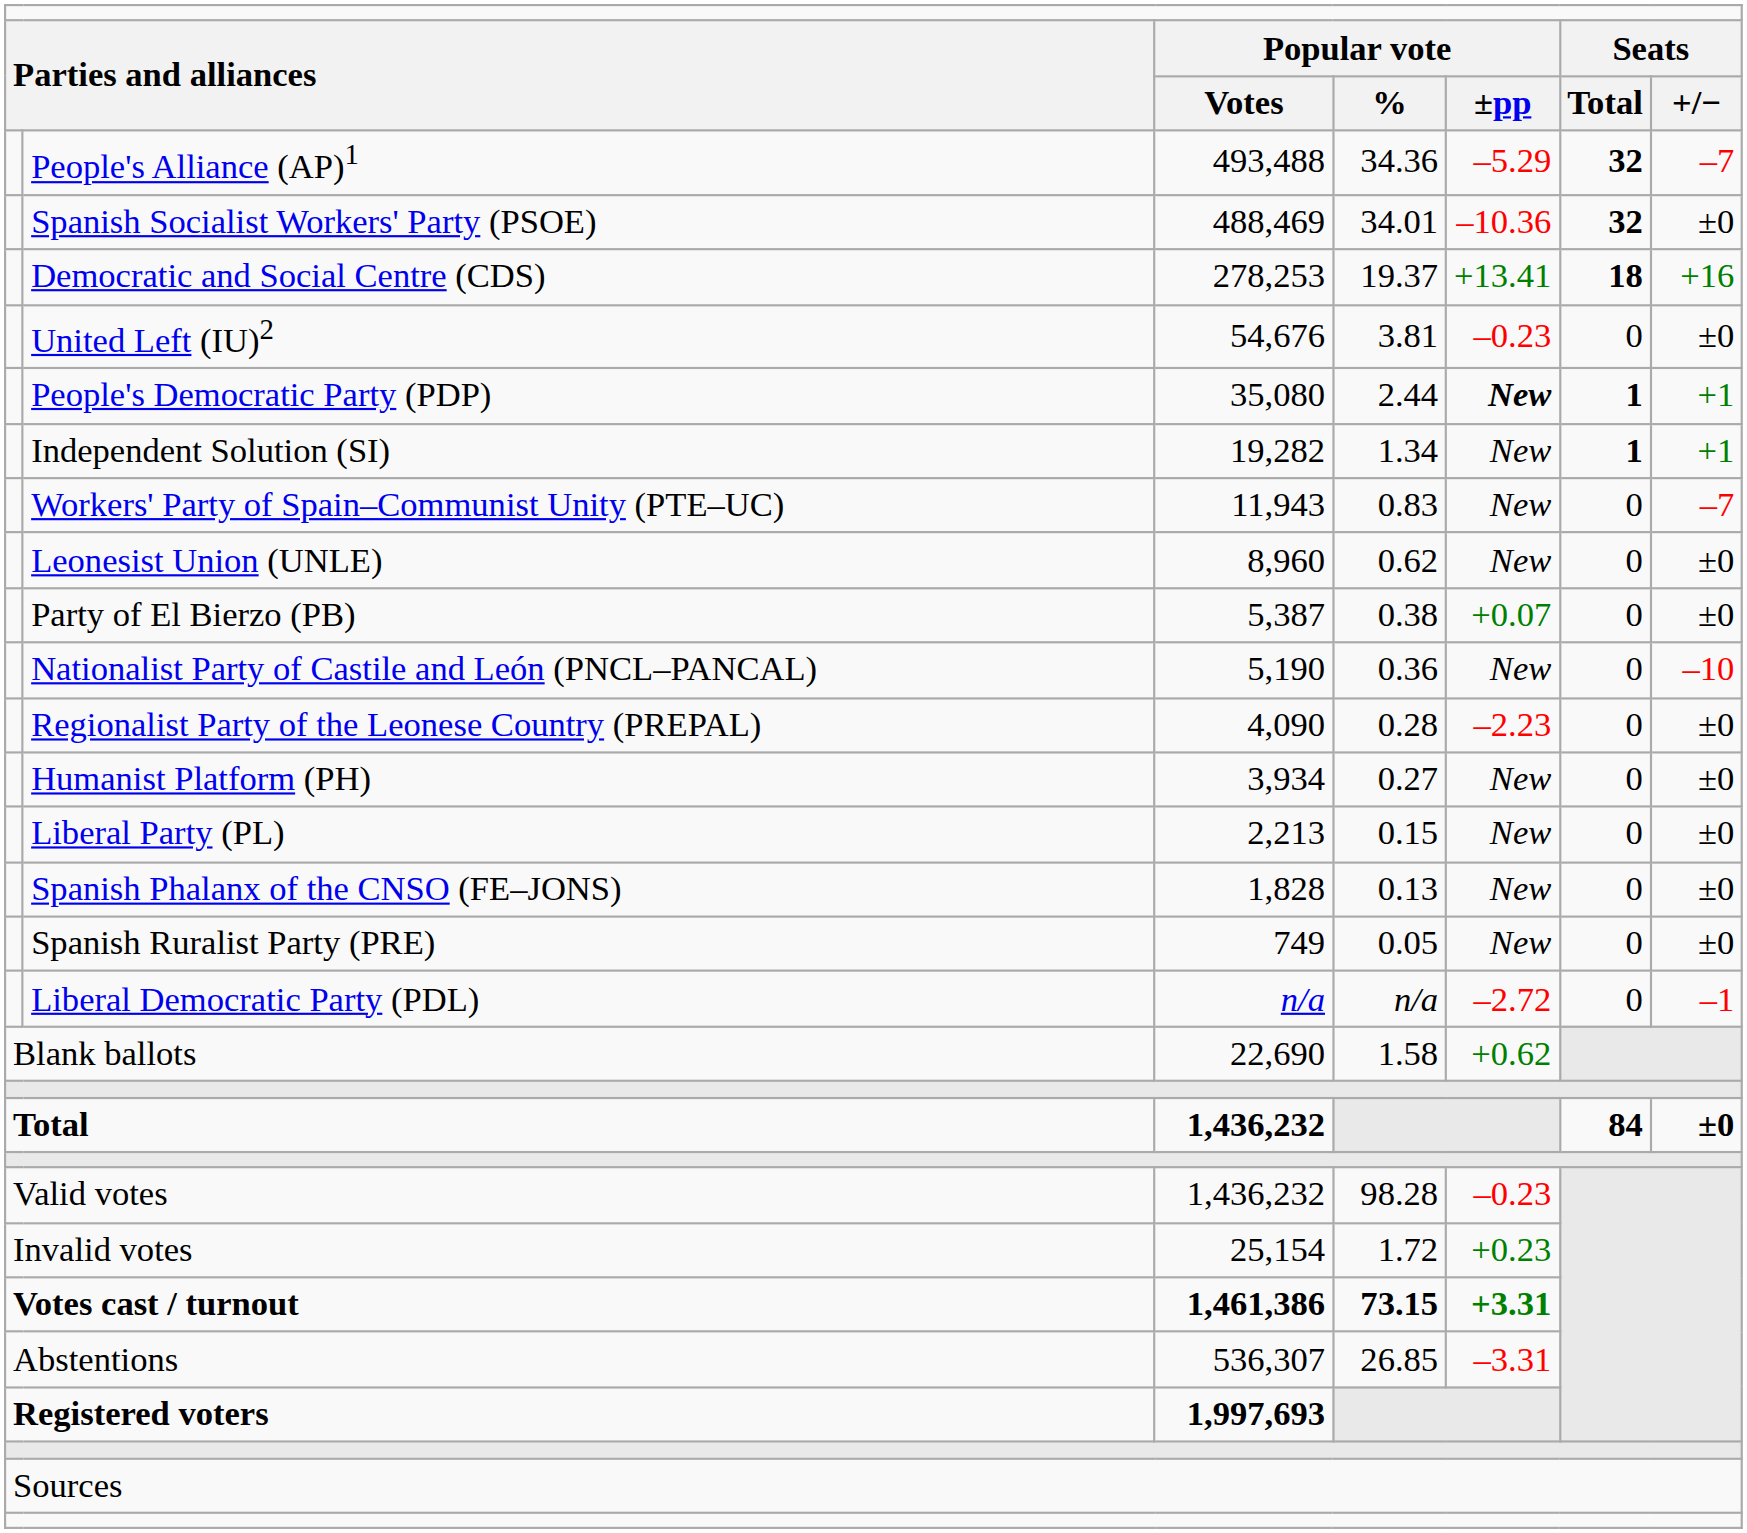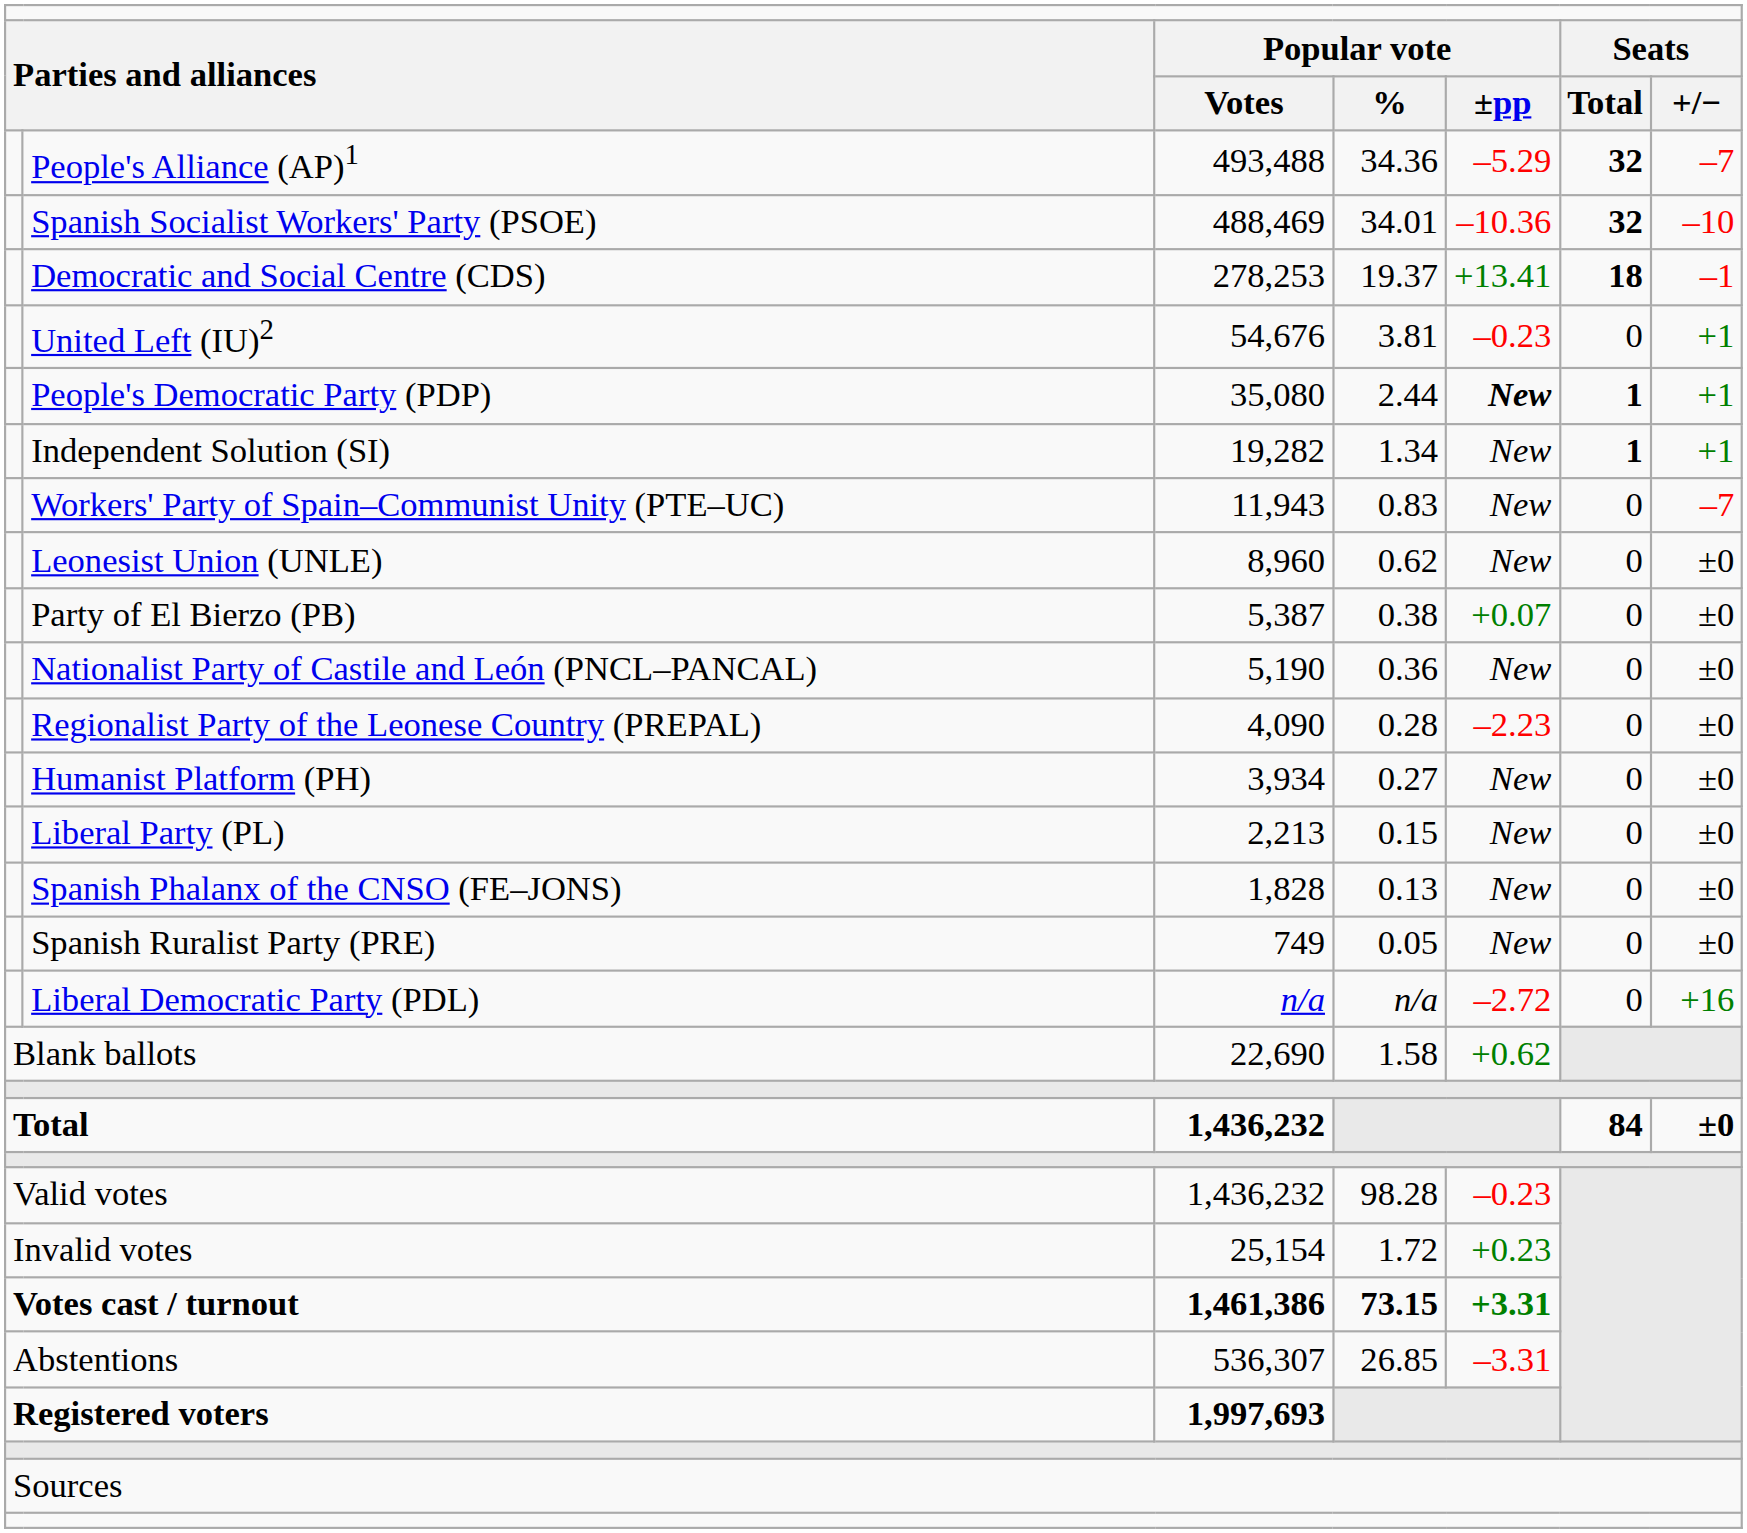 <table class="wikitable" style="text-align:right;">
 <tr>
 <td colspan="7"></td>
 </tr>
 <tr>
 <th style="text-align:left;" rowspan="2" colspan="2" width="525">Parties and alliances</th>
 <th colspan="3">Popular vote</th>
 <th colspan="2">Seats</th>
 </tr>
 <tr>
 <th width="75">Votes</th>
 <th width="45">%</th>
 <th width="45">±<a href='#'>pp</a></th>
 <th width="35">Total</th>
 <th width="35">+/−</th>
 </tr>
 <tr>
 <td width="1" style="color:inherit;background:"></td>
 <td align="left"><a href='#'>People's Alliance</a> (AP)<sup>1</sup></td>
 <td>493,488</td>
 <td>34.36</td>
 <td style="color:red;">–5.29</td>
 <td><strong>32</strong></td>
 <td style="color:red;">–7</td>
 </tr>
 <tr>
 <td style="color:inherit;background:"></td>
 <td align="left"><a href='#'>Spanish Socialist Workers' Party</a> (PSOE)</td>
 <td>488,469</td>
 <td>34.01</td>
 <td style="color:red;">–10.36</td>
 <td><strong>32</strong></td>
-<td>±0</td>
+<td style="color:red;">–10</td>
 </tr>
 <tr>
 <td style="color:inherit;background:"></td>
 <td align="left"><a href='#'>Democratic and Social Centre</a> (CDS)</td>
 <td>278,253</td>
 <td>19.37</td>
 <td style="color:green;">+13.41</td>
 <td><strong>18</strong></td>
-<td style="color:green;">+16</td>
+<td style="color:red;">–1</td>
 </tr>
 <tr>
 <td style="color:inherit;background:"></td>
 <td align="left"><a href='#'>United Left</a> (IU)<sup>2</sup></td>
 <td>54,676</td>
 <td>3.81</td>
 <td style="color:red;">–0.23</td>
 <td>0</td>
-<td>±0</td>
+<td style="color:green;">+1</td>
 </tr>
 <tr>
 <td style="color:inherit;background:"></td>
 <td align="left"><a href='#'>People's Democratic Party</a> (PDP)</td>
 <td>35,080</td>
 <td>2.44</td>
 <td><strong><em>New</em></strong></td>
 <td><strong>1</strong></td>
 <td style="color:green;">+1</td>
 </tr>
 <tr>
 <td style="color:inherit;background:"></td>
 <td align="left">Independent Solution (SI)</td>
 <td>19,282</td>
 <td>1.34</td>
 <td><em>New</em></td>
 <td><strong>1</strong></td>
 <td style="color:green;">+1</td>
 </tr>
 <tr>
 <td style="color:inherit;background:"></td>
 <td align="left"><a href='#'>Workers' Party of Spain–Communist Unity</a> (PTE–UC)</td>
 <td>11,943</td>
 <td>0.83</td>
 <td><em>New</em></td>
 <td>0</td>
 <td style="color:red;">–7</td>
 </tr>
 <tr>
 <td style="color:inherit;background:"></td>
 <td align="left"><a href='#'>Leonesist Union</a> (UNLE)</td>
 <td>8,960</td>
 <td>0.62</td>
 <td><em>New</em></td>
 <td>0</td>
 <td>±0</td>
 </tr>
 <tr>
 <td style="color:inherit;background:"></td>
 <td align="left">Party of El Bierzo (PB)</td>
 <td>5,387</td>
 <td>0.38</td>
 <td style="color:green;">+0.07</td>
 <td>0</td>
 <td>±0</td>
 </tr>
 <tr>
 <td style="color:inherit;background:"></td>
 <td align="left"><a href='#'>Nationalist Party of Castile and León</a> (PNCL–PANCAL)</td>
 <td>5,190</td>
 <td>0.36</td>
 <td><em>New</em></td>
 <td>0</td>
-<td style="color:red;">–10</td>
+<td>±0</td>
 </tr>
 <tr>
 <td style="color:inherit;background:"></td>
 <td align="left"><a href='#'>Regionalist Party of the Leonese Country</a> (PREPAL)</td>
 <td>4,090</td>
 <td>0.28</td>
 <td style="color:red;">–2.23</td>
 <td>0</td>
 <td>±0</td>
 </tr>
 <tr>
 <td style="color:inherit;background:"></td>
 <td align="left"><a href='#'>Humanist Platform</a> (PH)</td>
 <td>3,934</td>
 <td>0.27</td>
 <td><em>New</em></td>
 <td>0</td>
 <td>±0</td>
 </tr>
 <tr>
 <td style="color:inherit;background:"></td>
 <td align="left"><a href='#'>Liberal Party</a> (PL)</td>
 <td>2,213</td>
 <td>0.15</td>
 <td><em>New</em></td>
 <td>0</td>
 <td>±0</td>
 </tr>
 <tr>
 <td style="color:inherit;background:"></td>
 <td align="left"><a href='#'>Spanish Phalanx of the CNSO</a> (FE–JONS)</td>
 <td>1,828</td>
 <td>0.13</td>
 <td><em>New</em></td>
 <td>0</td>
 <td>±0</td>
 </tr>
 <tr>
 <td style="color:inherit;background:"></td>
 <td align="left">Spanish Ruralist Party (PRE)</td>
 <td>749</td>
 <td>0.05</td>
 <td><em>New</em></td>
 <td>0</td>
 <td>±0</td>
 </tr>
 <tr>
 <td style="color:inherit;background:"></td>
 <td align="left"><a href='#'>Liberal Democratic Party</a> (PDL)</td>
 <td><em><a href='#'>n/a</a></em></td>
 <td><em>n/a</em></td>
 <td style="color:red;">–2.72</td>
 <td>0</td>
-<td style="color:red;">–1</td>
+<td style="color:green;">+16</td>
 </tr>
 <tr>
 <td align="left" colspan="2">Blank ballots</td>
 <td>22,690</td>
 <td>1.58</td>
 <td style="color:green;">+0.62</td>
 <td bgcolor="#E9E9E9" colspan="2"></td>
 </tr>
 <tr>
 <td colspan="7" bgcolor="#E9E9E9"></td>
 </tr>
 <tr style="font-weight:bold;">
 <td align="left" colspan="2">Total</td>
 <td>1,436,232</td>
 <td bgcolor="#E9E9E9" colspan="2"></td>
 <td>84</td>
 <td>±0</td>
 </tr>
 <tr>
 <td colspan="7" bgcolor="#E9E9E9"></td>
 </tr>
 <tr>
 <td align="left" colspan="2">Valid votes</td>
 <td>1,436,232</td>
 <td>98.28</td>
 <td style="color:red;">–0.23</td>
 <td bgcolor="#E9E9E9" colspan="2" rowspan="5"></td>
 </tr>
 <tr>
 <td align="left" colspan="2">Invalid votes</td>
 <td>25,154</td>
 <td>1.72</td>
 <td style="color:green;">+0.23</td>
 </tr>
 <tr style="font-weight:bold;">
 <td align="left" colspan="2">Votes cast / turnout</td>
 <td>1,461,386</td>
 <td>73.15</td>
 <td style="color:green;">+3.31</td>
 </tr>
 <tr>
 <td align="left" colspan="2">Abstentions</td>
 <td>536,307</td>
 <td>26.85</td>
 <td style="color:red;">–3.31</td>
 </tr>
 <tr style="font-weight:bold;">
 <td align="left" colspan="2">Registered voters</td>
 <td>1,997,693</td>
 <td bgcolor="#E9E9E9" colspan="2"></td>
 </tr>
 <tr>
 <td colspan="7" bgcolor="#E9E9E9"></td>
 </tr>
 <tr>
 <td align="left" colspan="7">Sources</td>
 </tr>
 <tr>
 <td colspan="7" style="text-align:left; max-width:790px;"></td>
 </tr>
 </table>
